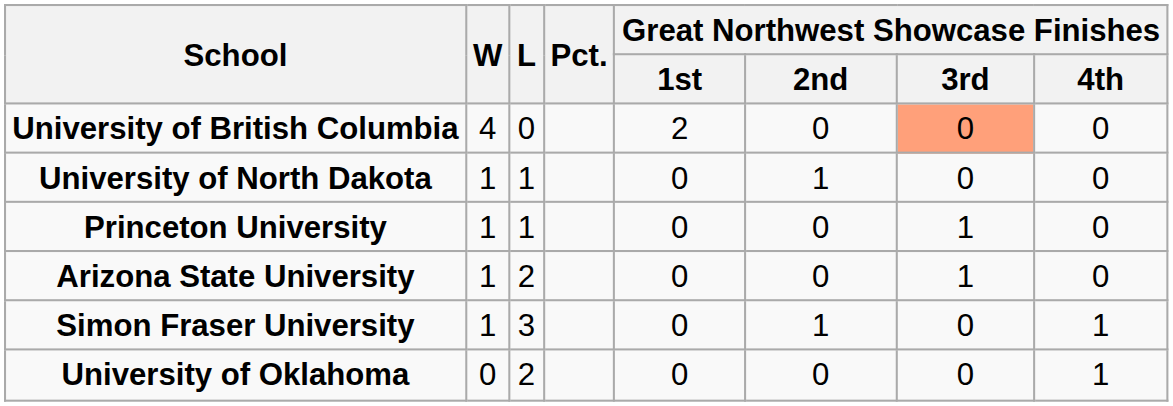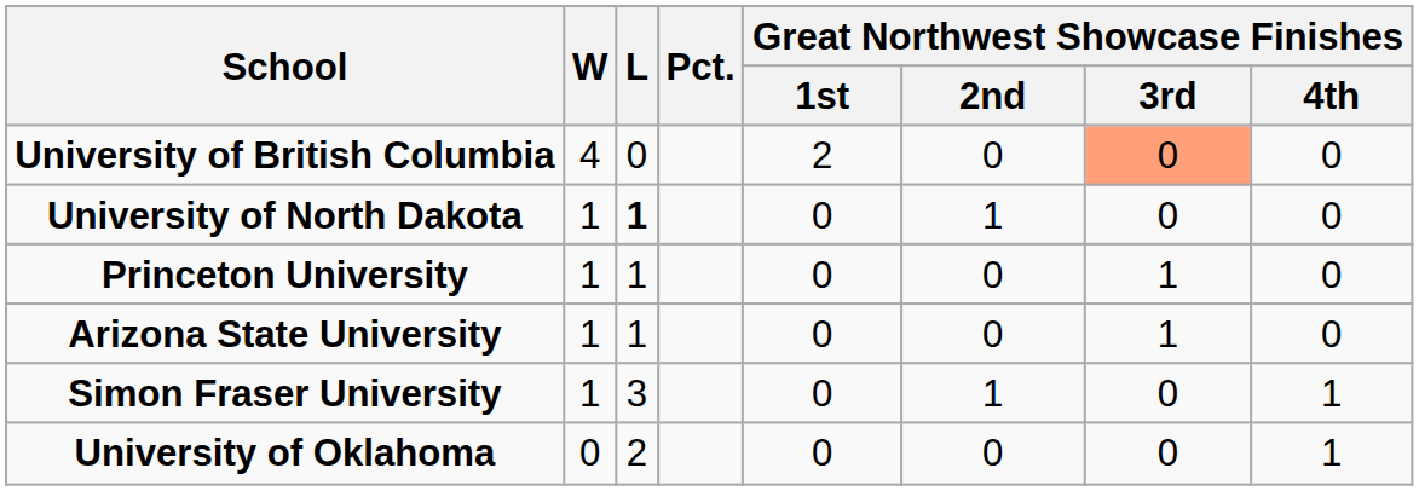 <table class="wikitable sortable" style="font-size: 95%;text-align: center;">
 <tr>
 <th scope="col" rowspan="2">School</th>
 <th scope="col" rowspan="2">W</th>
 <th scope="col" rowspan="2">L</th>
 <th scope="col" rowspan="2">Pct.</th>
 <th colspan="4">Great Northwest Showcase Finishes</th>
 </tr>
 <tr>
 <th scope="col">1st</th>
 <th scope="col">2nd</th>
 <th scope="col">3rd</th>
 <th scope="col">4th</th>
 </tr>
 <tr>
 <td><strong>University of British Columbia</strong></td>
 <td>4</td>
 <td>0</td>
 <td></td>
 <td>2</td>
 <td>0</td>
 <td style="background: lightsalmon;">0</td>
 <td>0</td>
 </tr>
 <tr>
 <td><strong>University of North Dakota</strong></td>
 <td>1</td>
-<td>1</td>
+<td><strong>1</strong></td>
 <td></td>
 <td>0</td>
 <td>1</td>
 <td>0</td>
 <td>0</td>
 </tr>
 <tr>
 <td><strong>Princeton University</strong></td>
 <td>1</td>
 <td>1</td>
 <td></td>
 <td>0</td>
 <td>0</td>
 <td>1</td>
 <td>0</td>
 </tr>
 <tr>
 <td><strong>Arizona State University</strong></td>
 <td>1</td>
-<td>2</td>
+<td>1</td>
 <td></td>
 <td>0</td>
 <td>0</td>
 <td>1</td>
 <td>0</td>
 </tr>
 <tr>
 <td><strong>Simon Fraser University</strong></td>
 <td>1</td>
 <td>3</td>
 <td></td>
 <td>0</td>
 <td>1</td>
 <td>0</td>
 <td>1</td>
 </tr>
 <tr>
 <td><strong>University of Oklahoma</strong></td>
 <td>0</td>
 <td>2</td>
 <td></td>
 <td>0</td>
 <td>0</td>
 <td>0</td>
 <td>1</td>
 </tr>
 </table>
